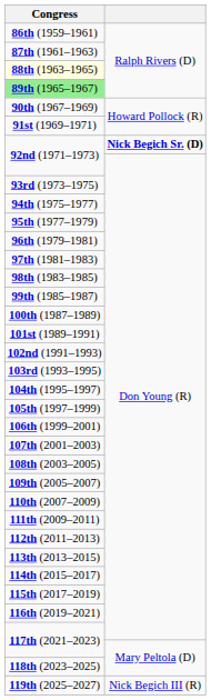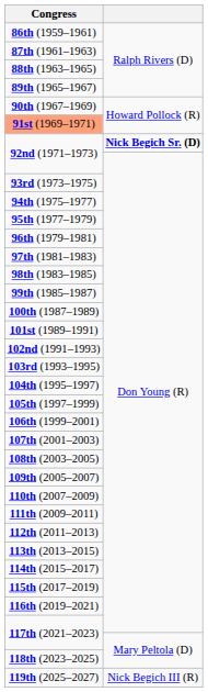 <table class="wikitable sticky-header" style="text-align:center">
 <tr>
 <th>Congress</th>
 <th></th>
 </tr>
 <tr>
 <td><strong><a href='#'>86th</a></strong> (1959–1961)</td>
 <td rowspan="4" ><a href='#'>Ralph Rivers</a> (D)</td>
 </tr>
 <tr>
 <td><strong><a href='#'>87th</a></strong> (1961–1963)</td>
 </tr>
 <tr>
-<td style="background: lightyellow;"><strong><a href='#'>88th</a></strong> (1963–1965)</td>
+<td><strong><a href='#'>88th</a></strong> (1963–1965)</td>
 </tr>
 <tr>
-<td style="background: lightgreen;"><strong><a href='#'>89th</a></strong> (1965–1967)</td>
+<td><strong><a href='#'>89th</a></strong> (1965–1967)</td>
 </tr>
 <tr>
 <td><strong><a href='#'>90th</a></strong> (1967–1969)</td>
 <td rowspan="2" ><a href='#'>Howard Pollock</a> (R)</td>
 </tr>
 <tr>
-<td><strong><a href='#'>91st</a></strong> (1969–1971)</td>
+<td style="background: lightsalmon;"><strong><a href='#'>91st</a></strong> (1969–1971)</td>
 </tr>
 <tr>
 <td rowspan="2" style="height:3em"><strong><a href='#'>92nd</a></strong> (1971–1973)</td>
 <td><strong><a href='#'>Nick Begich Sr.</a> (D)</strong></td>
 </tr>
 <tr>
 <td rowspan="26" ><a href='#'>Don Young</a> (R)</td>
 </tr>
 <tr>
 <td><strong><a href='#'>93rd</a></strong> (1973–1975)</td>
 </tr>
 <tr>
 <td><strong><a href='#'>94th</a></strong> (1975–1977)</td>
 </tr>
 <tr>
 <td><strong><a href='#'>95th</a></strong> (1977–1979)</td>
 </tr>
 <tr>
 <td><strong><a href='#'>96th</a></strong> (1979–1981)</td>
 </tr>
 <tr>
 <td><strong><a href='#'>97th</a></strong> (1981–1983)</td>
 </tr>
 <tr>
 <td><strong><a href='#'>98th</a></strong> (1983–1985)</td>
 </tr>
 <tr>
 <td><strong><a href='#'>99th</a></strong> (1985–1987)</td>
 </tr>
 <tr>
 <td><strong><a href='#'>100th</a></strong> (1987–1989)</td>
 </tr>
 <tr>
 <td><strong><a href='#'>101st</a></strong> (1989–1991)</td>
 </tr>
 <tr>
 <td><strong><a href='#'>102nd</a></strong> (1991–1993)</td>
 </tr>
 <tr>
 <td><strong><a href='#'>103rd</a></strong> (1993–1995)</td>
 </tr>
 <tr>
 <td><strong><a href='#'>104th</a></strong> (1995–1997)</td>
 </tr>
 <tr>
 <td><strong><a href='#'>105th</a></strong> (1997–1999)</td>
 </tr>
 <tr>
 <td><strong><a href='#'>106th</a></strong> (1999–2001)</td>
 </tr>
 <tr>
 <td><strong><a href='#'>107th</a></strong> (2001–2003)</td>
 </tr>
 <tr>
 <td><strong><a href='#'>108th</a></strong> (2003–2005)</td>
 </tr>
 <tr>
 <td><strong><a href='#'>109th</a></strong> (2005–2007)</td>
 </tr>
 <tr>
 <td><strong><a href='#'>110th</a></strong> (2007–2009)</td>
 </tr>
 <tr>
 <td><strong><a href='#'>111th</a></strong> (2009–2011)</td>
 </tr>
 <tr>
 <td><strong><a href='#'>112th</a></strong> (2011–2013)</td>
 </tr>
 <tr>
 <td><strong><a href='#'>113th</a></strong> (2013–2015)</td>
 </tr>
 <tr>
 <td><strong><a href='#'>114th</a></strong> (2015–2017)</td>
 </tr>
 <tr>
 <td><strong><a href='#'>115th</a></strong> (2017–2019)</td>
 </tr>
 <tr>
 <td><strong><a href='#'>116th</a></strong> (2019–2021)</td>
 </tr>
 <tr style="height:1.5em">
 <td rowspan="2"><strong><a href='#'>117th</a></strong> (2021–2023)</td>
 </tr>
 <tr style="height:1.5em">
 <td rowspan="2" ><a href='#'>Mary Peltola</a> (D)</td>
 </tr>
 <tr>
 <td><strong><a href='#'>118th</a></strong> (2023–2025)</td>
 </tr>
 <tr style="height:1.5em">
 <td rowspan="1"><strong><a href='#'>119th</a></strong> (2025–2027)</td>
 <td rowspan="2" ><a href='#'>Nick Begich III</a> (R)</td>
 </tr>
 </table>
